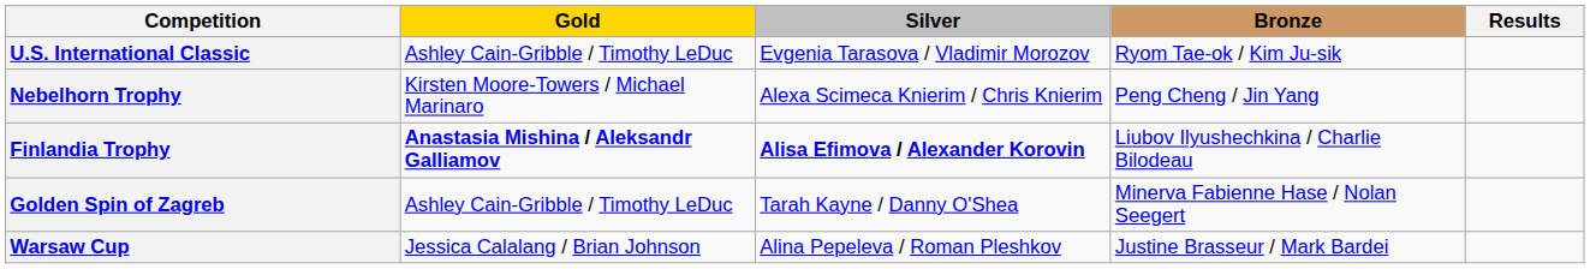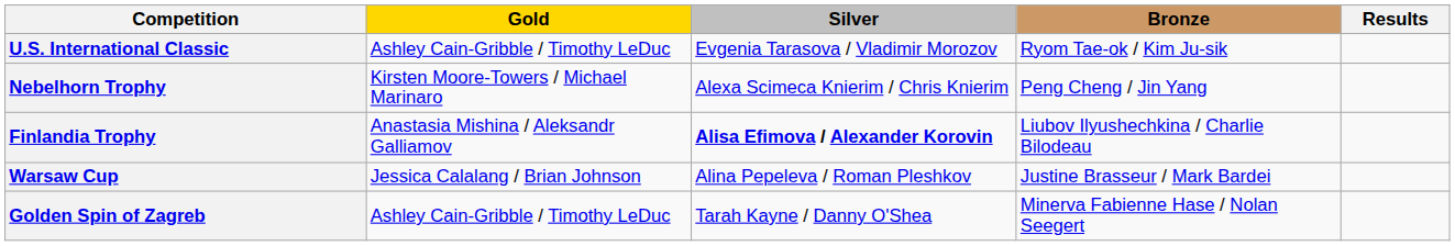 <table class="wikitable unsortable" style="text-align:left; width:100%">
 <tr>
 <th scope="col" style="text-align:center; width:25%;">Competition</th>
 <td scope="col" style="text-align:center; width:22.5%; background:gold"><strong>Gold</strong></td>
 <td scope="col" style="text-align:center; width:22.5%; background:silver"><strong>Silver</strong></td>
 <td scope="col" style="text-align:center; width:22.5%; background:#c96"><strong>Bronze</strong></td>
 <th scope="col" style="text-align:center; width:7.5%;">Results</th>
 </tr>
 <tr>
 <th scope="row" style="text-align:left"> <a href='#'>U.S. International Classic</a></th>
 <td> <a href='#'>Ashley Cain-Gribble</a> / <a href='#'>Timothy LeDuc</a></td>
 <td> <a href='#'>Evgenia Tarasova</a> / <a href='#'>Vladimir Morozov</a></td>
 <td> <a href='#'>Ryom Tae-ok</a> / <a href='#'>Kim Ju-sik</a></td>
 <td></td>
 </tr>
 <tr>
 <th scope="row" style="text-align:left"> <a href='#'>Nebelhorn Trophy</a></th>
 <td> <a href='#'>Kirsten Moore-Towers</a> / <a href='#'>Michael Marinaro</a></td>
 <td> <a href='#'>Alexa Scimeca Knierim</a> / <a href='#'>Chris Knierim</a></td>
 <td> <a href='#'>Peng Cheng</a> / <a href='#'>Jin Yang</a></td>
 <td></td>
 </tr>
 <tr>
 <th scope="row" style="text-align:left"> <a href='#'>Finlandia Trophy</a></th>
-<td><strong> <a href='#'>Anastasia Mishina</a> / <a href='#'>Aleksandr Galliamov</a></strong></td>
+<td> <a href='#'>Anastasia Mishina</a> / <a href='#'>Aleksandr Galliamov</a></td>
 <td><strong> <a href='#'>Alisa Efimova</a> / <a href='#'>Alexander Korovin</a></strong></td>
 <td> <a href='#'>Liubov Ilyushechkina</a> / <a href='#'>Charlie Bilodeau</a></td>
+<td></td>
+</tr>
+<tr>
+<th scope="row" style="text-align:left"> <a href='#'>Warsaw Cup</a></th>
+<td> <a href='#'>Jessica Calalang</a> / <a href='#'>Brian Johnson</a></td>
+<td> <a href='#'>Alina Pepeleva</a> / <a href='#'>Roman Pleshkov</a></td>
+<td> <a href='#'>Justine Brasseur</a> / <a href='#'>Mark Bardei</a></td>
 <td></td>
 </tr>
 <tr>
 <th scope="row" style="text-align:left"> <a href='#'>Golden Spin of Zagreb</a></th>
 <td> <a href='#'>Ashley Cain-Gribble</a> / <a href='#'>Timothy LeDuc</a></td>
 <td> <a href='#'>Tarah Kayne</a> / <a href='#'>Danny O'Shea</a></td>
 <td> <a href='#'>Minerva Fabienne Hase</a> / <a href='#'>Nolan Seegert</a></td>
 <td></td>
 </tr>
-<tr>
-<th scope="row" style="text-align:left"> <a href='#'>Warsaw Cup</a></th>
-<td> <a href='#'>Jessica Calalang</a> / <a href='#'>Brian Johnson</a></td>
-<td> <a href='#'>Alina Pepeleva</a> / <a href='#'>Roman Pleshkov</a></td>
-<td> <a href='#'>Justine Brasseur</a> / <a href='#'>Mark Bardei</a></td>
-<td></td>
-</tr>
 </table>
